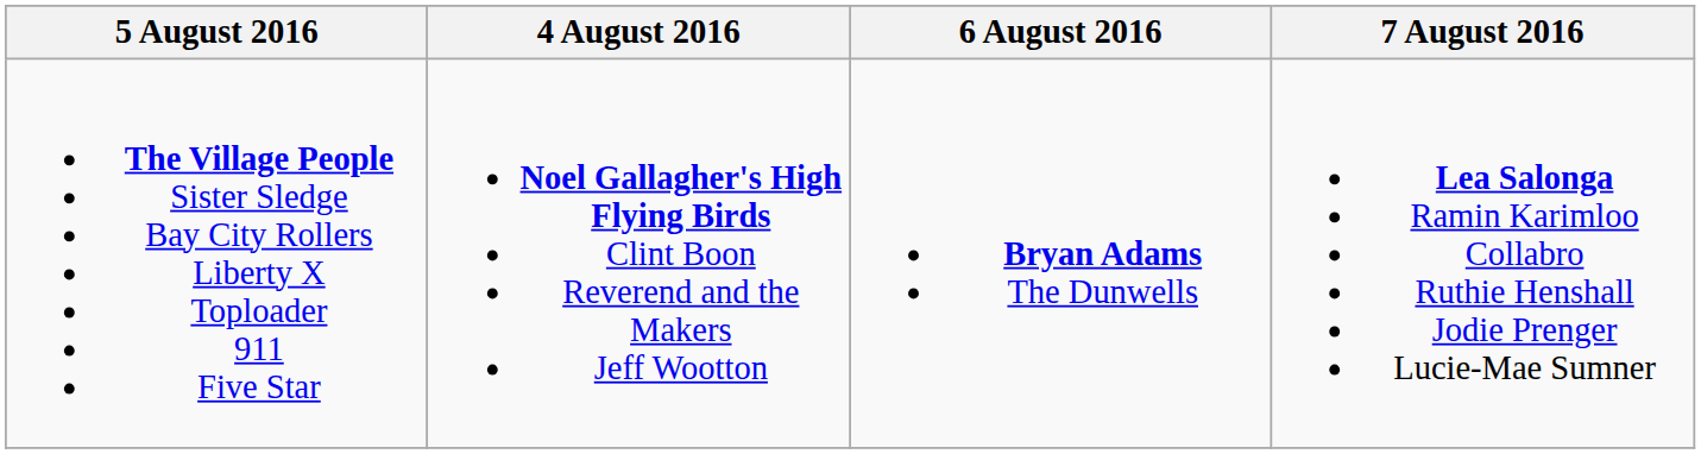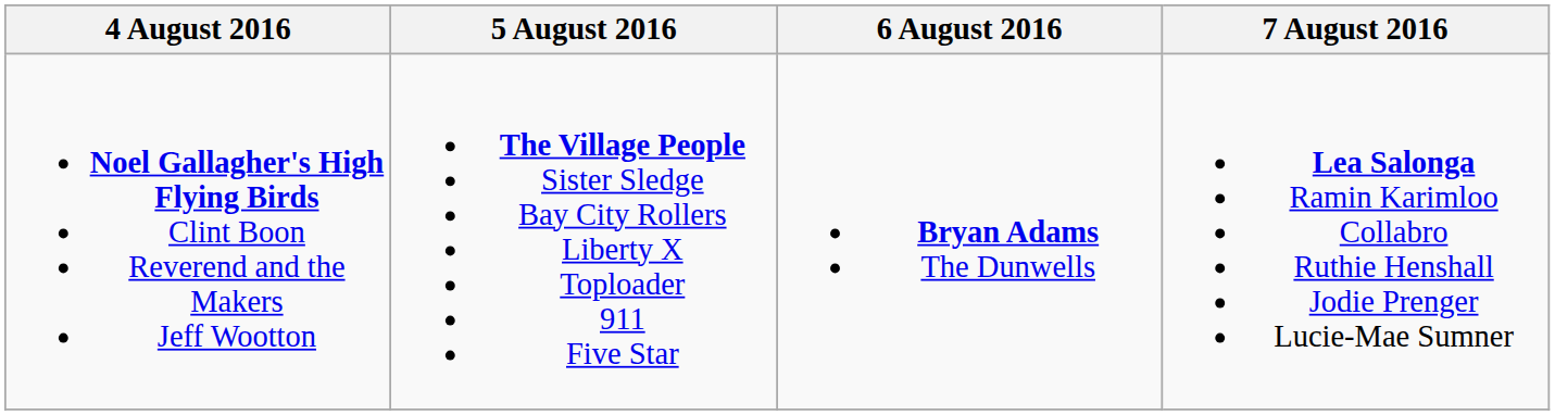 <table class="wikitable" style="text-align:center;">
 <tr>
+<th scope="col" style="width:12em;">4 August 2016</th>
 <th scope="col" style="width:12em;">5 August 2016</th>
-<th scope="col" style="width:12em;">4 August 2016</th>
 <th scope="col" style="width:12em;">6 August 2016</th>
 <th scope="col" style="width:12em;">7 August 2016</th>
 </tr>
 <tr>
+<td><br><ul><li><strong><a href='#'>Noel Gallagher's High Flying Birds</a></strong></li><li><a href='#'>Clint Boon</a></li><li><a href='#'>Reverend and the Makers</a></li><li><a href='#'>Jeff Wootton</a></li></ul></td>
 <td><br><ul><li><strong><a href='#'>The Village People</a></strong></li><li><a href='#'>Sister Sledge</a></li><li><a href='#'>Bay City Rollers</a></li><li><a href='#'>Liberty X</a></li><li><a href='#'>Toploader</a></li><li><a href='#'>911</a></li><li><a href='#'>Five Star</a></li></ul></td>
-<td><br><ul><li><strong><a href='#'>Noel Gallagher's High Flying Birds</a></strong></li><li><a href='#'>Clint Boon</a></li><li><a href='#'>Reverend and the Makers</a></li><li><a href='#'>Jeff Wootton</a></li></ul></td>
 <td><br><ul><li><strong><a href='#'>Bryan Adams</a></strong></li><li><a href='#'>The Dunwells</a></li></ul></td>
 <td><br><ul><li><strong><a href='#'>Lea Salonga</a></strong></li><li><a href='#'>Ramin Karimloo</a></li><li><a href='#'>Collabro</a></li><li><a href='#'>Ruthie Henshall</a></li><li><a href='#'>Jodie Prenger</a></li><li>Lucie-Mae Sumner</li></ul></td>
 </tr>
 </table>
